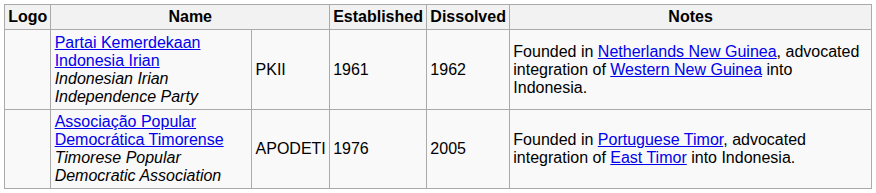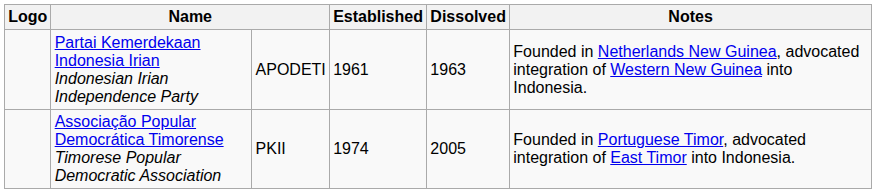 <table class="wikitable">
 <tr>
 <th>Logo</th>
 <th colspan="2">Name</th>
 <th>Established</th>
 <th>Dissolved</th>
 <th>Notes</th>
 </tr>
 <tr>
 <td></td>
 <td><a href='#'>Partai Kemerdekaan Indonesia Irian</a><br><em>Indonesian Irian Independence Party</em></td>
-<td>PKII</td>
+<td>APODETI</td>
 <td>1961</td>
-<td>1962</td>
+<td>1963</td>
 <td>Founded in <a href='#'>Netherlands New Guinea</a>, advocated integration of <a href='#'>Western New Guinea</a> into Indonesia.</td>
 </tr>
 <tr>
 <td></td>
 <td><a href='#'>Associação Popular Democrática Timorense</a><br><em>Timorese Popular Democratic Association</em></td>
-<td>APODETI</td>
-<td>1976</td>
+<td>PKII</td>
+<td>1974</td>
 <td>2005</td>
 <td>Founded in <a href='#'>Portuguese Timor</a>, advocated integration of <a href='#'>East Timor</a> into Indonesia.</td>
 </tr>
 </table>
